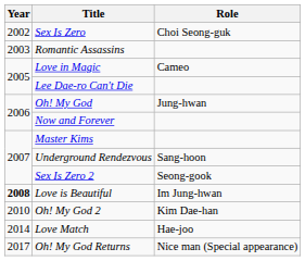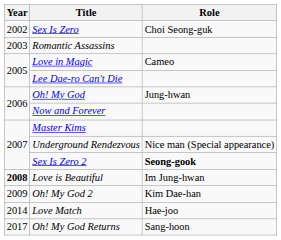 <table class="wikitable">
 <tr>
 <th width=10>Year</th>
 <th>Title</th>
 <th>Role</th>
 </tr>
 <tr>
 <td>2002</td>
 <td><em><a href='#'>Sex Is Zero</a></em></td>
 <td>Choi Seong-guk</td>
 </tr>
 <tr>
 <td>2003</td>
 <td><em>Romantic Assassins</em></td>
 <td></td>
 </tr>
 <tr>
 <td rowspan=2>2005</td>
 <td><em><a href='#'>Love in Magic</a></em></td>
 <td>Cameo</td>
 </tr>
 <tr>
 <td><em><a href='#'>Lee Dae-ro Can't Die</a></em></td>
 <td></td>
 </tr>
 <tr>
 <td rowspan=2>2006</td>
 <td><em><a href='#'>Oh! My God</a></em></td>
 <td>Jung-hwan</td>
 </tr>
 <tr>
 <td><em><a href='#'>Now and Forever</a></em></td>
 <td></td>
 </tr>
 <tr>
 <td rowspan=3>2007</td>
 <td><em><a href='#'>Master Kims</a></em></td>
 <td></td>
 </tr>
 <tr>
 <td><em>Underground Rendezvous</em></td>
-<td>Sang-hoon</td>
+<td>Nice man (Special appearance)</td>
 </tr>
 <tr>
 <td><em><a href='#'>Sex Is Zero 2</a></em></td>
-<td>Seong-gook</td>
+<td><strong>Seong-gook</strong></td>
 </tr>
 <tr>
 <td><strong>2008</strong></td>
 <td><em>Love is Beautiful</em></td>
 <td>Im Jung-hwan</td>
 </tr>
 <tr>
-<td>2010</td>
+<td>2009</td>
 <td><em>Oh! My God 2</em></td>
 <td>Kim Dae-han</td>
 </tr>
 <tr>
 <td>2014</td>
 <td><em>Love Match</em></td>
 <td>Hae-joo</td>
 </tr>
 <tr>
 <td>2017</td>
 <td><em>Oh! My God Returns</em></td>
-<td>Nice man (Special appearance)</td>
+<td>Sang-hoon</td>
 </tr>
 </table>
